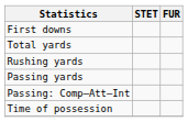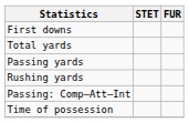 <table class="wikitable" style="float: left;">
 <tr>
 <th>Statistics</th>
 <th>STET</th>
 <th>FUR</th>
 </tr>
 <tr>
 <td>First downs</td>
 <td></td>
 <td></td>
 </tr>
 <tr>
 <td>Total yards</td>
 <td></td>
 <td></td>
 </tr>
 <tr>
-<td>Rushing yards</td>
+<td>Passing yards</td>
 <td></td>
 <td></td>
 </tr>
 <tr>
-<td>Passing yards</td>
+<td>Rushing yards</td>
 <td></td>
 <td></td>
 </tr>
 <tr>
 <td>Passing: Comp–Att–Int</td>
 <td></td>
 <td></td>
 </tr>
 <tr>
 <td>Time of possession</td>
 <td></td>
 <td></td>
 </tr>
 <tr>
 </tr>
 </table>
